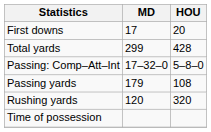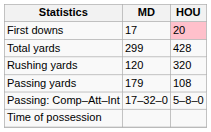 <table class="wikitable" style="float: left;">
 <tr>
 <th>Statistics</th>
 <th>MD</th>
 <th>HOU</th>
 </tr>
 <tr>
 <td>First downs</td>
 <td>17</td>
-<td>20</td>
+<td style="background: pink;">20</td>
 </tr>
 <tr>
 <td>Total yards</td>
 <td>299</td>
 <td>428</td>
 </tr>
 <tr>
-<td>Passing: Comp–Att–Int</td>
-<td>17–32–0</td>
-<td>5–8–0</td>
+<td>Rushing yards</td>
+<td>120</td>
+<td>320</td>
 </tr>
 <tr>
 <td>Passing yards</td>
 <td>179</td>
 <td>108</td>
 </tr>
 <tr>
-<td>Rushing yards</td>
-<td>120</td>
-<td>320</td>
+<td>Passing: Comp–Att–Int</td>
+<td>17–32–0</td>
+<td>5–8–0</td>
 </tr>
 <tr>
 <td>Time of possession</td>
 <td></td>
 <td></td>
 </tr>
 <tr>
 </tr>
 </table>
